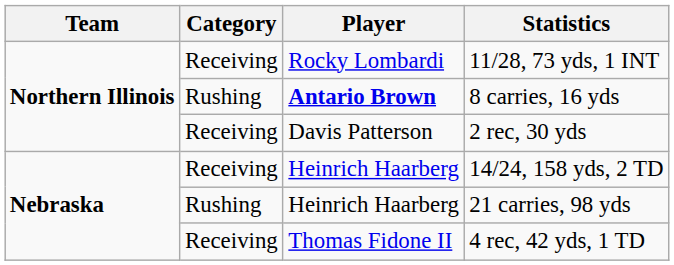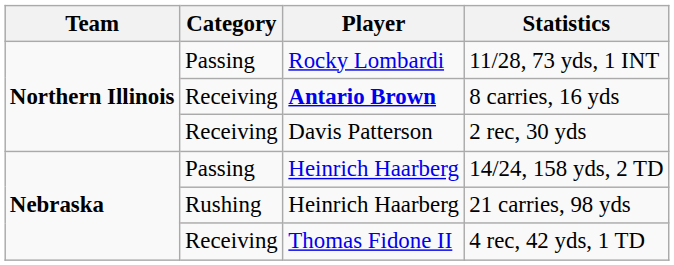 <table class="wikitable" style="float: right;">
 <tr>
 <th>Team</th>
 <th>Category</th>
 <th>Player</th>
 <th>Statistics</th>
 </tr>
 <tr>
 <td rowspan=3><strong>Northern Illinois</strong></td>
-<td>Receiving</td>
+<td>Passing</td>
 <td><a href='#'>Rocky Lombardi</a></td>
 <td>11/28, 73 yds, 1 INT</td>
 </tr>
 <tr>
-<td>Rushing</td>
+<td>Receiving</td>
 <td><strong><a href='#'>Antario Brown</a></strong></td>
 <td>8 carries, 16 yds</td>
 </tr>
 <tr>
 <td>Receiving</td>
 <td>Davis Patterson</td>
 <td>2 rec, 30 yds</td>
 </tr>
 <tr>
 <td rowspan=3><strong>Nebraska</strong></td>
-<td>Receiving</td>
+<td>Passing</td>
 <td><a href='#'>Heinrich Haarberg</a></td>
 <td>14/24, 158 yds, 2 TD</td>
 </tr>
 <tr>
 <td>Rushing</td>
 <td>Heinrich Haarberg</td>
 <td>21 carries, 98 yds</td>
 </tr>
 <tr>
 <td>Receiving</td>
 <td><a href='#'>Thomas Fidone II</a></td>
 <td>4 rec, 42 yds, 1 TD</td>
 </tr>
 </table>
